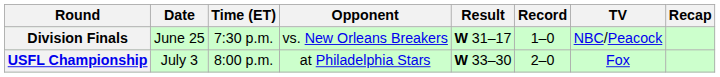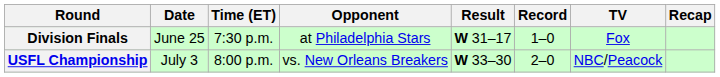 <table class="wikitable" style="text-align:center">
 <tr>
 <th>Round</th>
 <th>Date</th>
 <th>Time (ET)</th>
 <th>Opponent</th>
 <th>Result</th>
 <th>Record</th>
 <th>TV</th>
 <th>Recap</th>
 </tr>
 <tr style="background:#ccffcc">
 <th>Division Finals</th>
 <td>June 25</td>
 <td>7:30 p.m.</td>
-<td>vs. <a href='#'>New Orleans Breakers</a></td>
+<td>at <a href='#'>Philadelphia Stars</a></td>
 <td><strong>W</strong> 31–17</td>
 <td>1–0</td>
-<td><a href='#'>NBC</a>/<a href='#'>Peacock</a></td>
+<td><a href='#'>Fox</a></td>
 <td></td>
 </tr>
 <tr style="background:#ccffcc">
 <th><a href='#'>USFL Championship</a></th>
 <td>July 3</td>
 <td>8:00 p.m.</td>
-<td>at <a href='#'>Philadelphia Stars</a></td>
+<td>vs. <a href='#'>New Orleans Breakers</a></td>
 <td><strong>W</strong> 33–30</td>
 <td>2–0</td>
-<td><a href='#'>Fox</a></td>
+<td><a href='#'>NBC</a>/<a href='#'>Peacock</a></td>
 <td></td>
 </tr>
 </table>
